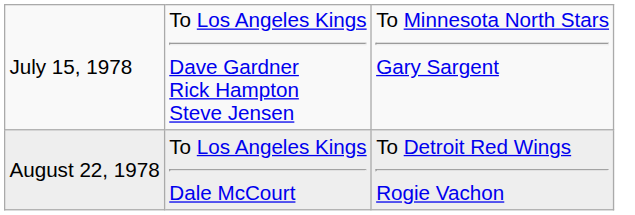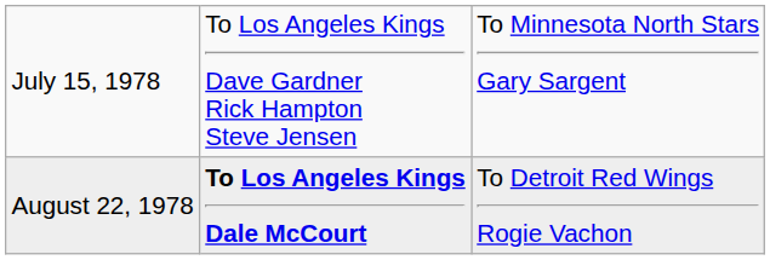 <table class="wikitable">
 <tr>
 <td>July 15, 1978</td>
 <td valign="top">To <a href='#'>Los Angeles Kings</a><hr><a href='#'>Dave Gardner</a> <br> <a href='#'>Rick Hampton</a> <br> <a href='#'>Steve Jensen</a></td>
 <td valign="top">To <a href='#'>Minnesota North Stars</a><hr><a href='#'>Gary Sargent</a></td>
 </tr>
 <tr style="background:#eee;">
 <td>August 22, 1978</td>
-<td valign="top">To <a href='#'>Los Angeles Kings</a><hr><a href='#'>Dale McCourt</a></td>
+<td valign="top"><strong>To <a href='#'>Los Angeles Kings</a><hr><a href='#'>Dale McCourt</a></strong></td>
 <td valign="top">To <a href='#'>Detroit Red Wings</a><hr><a href='#'>Rogie Vachon</a></td>
 </tr>
 </table>
